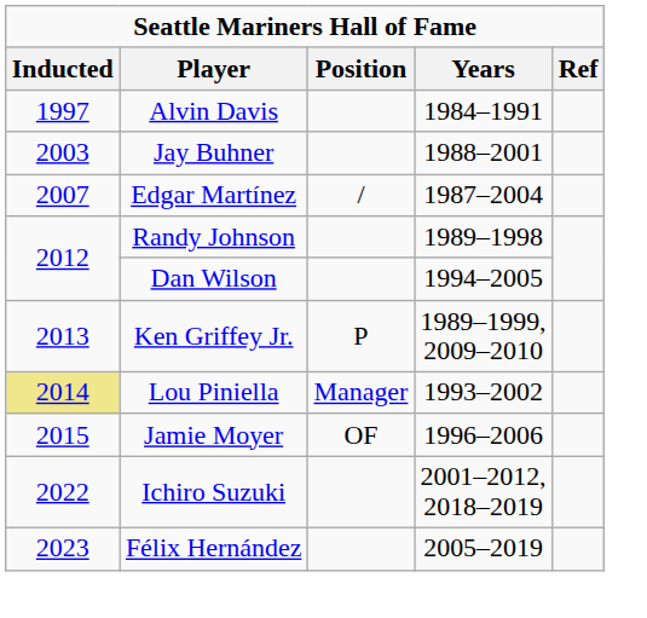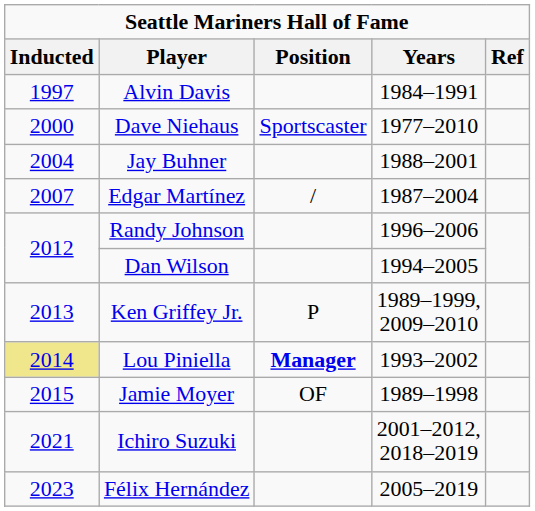 <table class="wikitable sortable" style="text-align:center">
 <tr>
 <td colspan="5"><strong>Seattle Mariners Hall of Fame</strong></td>
 </tr>
 <tr>
 <th scope="col">Inducted</th>
 <th scope="col">Player</th>
 <th scope="col">Position</th>
 <th scope="col">Years</th>
 <th scope="col">Ref</th>
 </tr>
 <tr>
 <td><a href='#'>1997</a></td>
 <td><a href='#'>Alvin Davis</a></td>
 <td></td>
 <td>1984–1991</td>
 <td></td>
 </tr>
 <tr>
-<td><a href='#'>2003</a></td>
+<td><a href='#'>2000</a></td>
+<td><a href='#'>Dave Niehaus</a></td>
+<td><a href='#'>Sportscaster</a></td>
+<td>1977–2010</td>
+<td></td>
+</tr>
+<tr>
+<td><a href='#'>2004</a></td>
 <td><a href='#'>Jay Buhner</a></td>
 <td></td>
 <td>1988–2001</td>
 <td></td>
 </tr>
 <tr>
 <td><a href='#'>2007</a></td>
 <td><a href='#'>Edgar Martínez</a></td>
 <td>/</td>
 <td>1987–2004</td>
 <td></td>
 </tr>
 <tr>
 <td rowspan=2><a href='#'>2012</a></td>
 <td><a href='#'>Randy Johnson</a></td>
 <td></td>
-<td>1989–1998</td>
+<td>1996–2006</td>
 <td rowspan=2></td>
 </tr>
 <tr>
 <td><a href='#'>Dan Wilson</a></td>
 <td></td>
 <td>1994–2005</td>
 </tr>
 <tr>
 <td><a href='#'>2013</a></td>
 <td><a href='#'>Ken Griffey Jr.</a></td>
 <td>P</td>
 <td>1989–1999,<br>2009–2010</td>
 <td></td>
 </tr>
 <tr>
 <td style="background: khaki;"><a href='#'>2014</a></td>
 <td><a href='#'>Lou Piniella</a></td>
-<td><a href='#'>Manager</a></td>
+<td><strong><a href='#'>Manager</a></strong></td>
 <td>1993–2002</td>
 <td></td>
 </tr>
 <tr>
 <td><a href='#'>2015</a></td>
 <td><a href='#'>Jamie Moyer</a></td>
 <td>OF</td>
-<td>1996–2006</td>
+<td>1989–1998</td>
 <td></td>
 </tr>
 <tr>
-<td><a href='#'>2022</a></td>
+<td><a href='#'>2021</a></td>
 <td><a href='#'>Ichiro Suzuki</a></td>
 <td></td>
 <td>2001–2012,<br>2018–2019</td>
 <td></td>
 </tr>
 <tr>
 <td><a href='#'>2023</a></td>
 <td><a href='#'>Félix Hernández</a></td>
 <td></td>
 <td>2005–2019</td>
 <td></td>
 </tr>
 </table>
